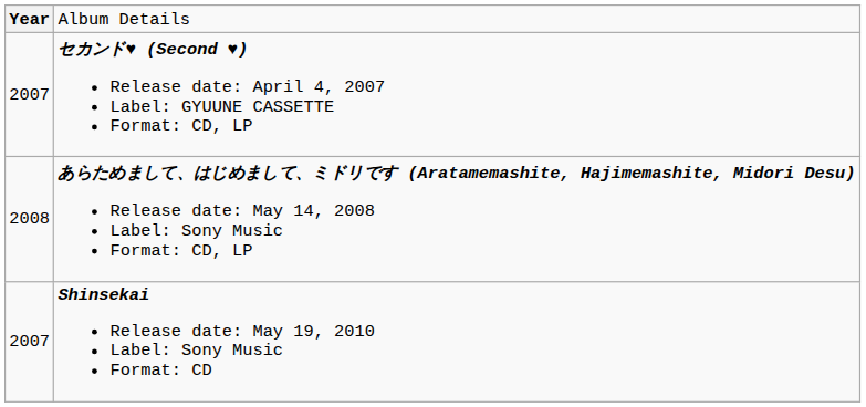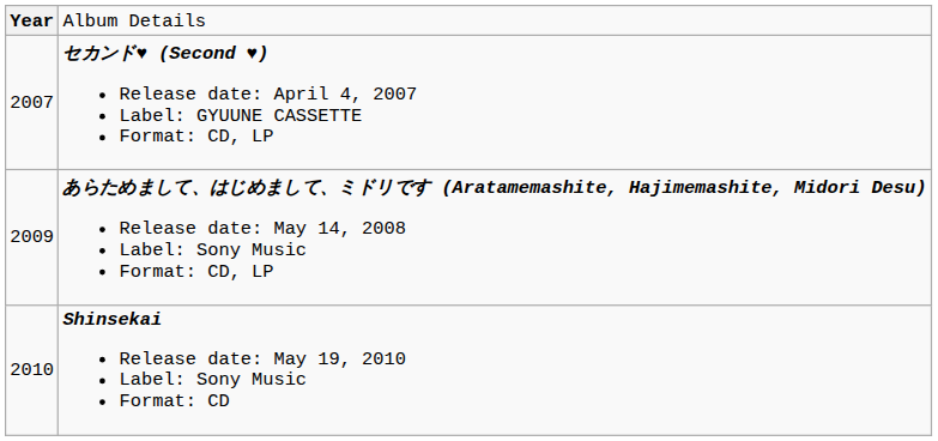 <table class="wikitable">
 <tr>
 <th>Year</th>
 <td>Album Details</td>
 </tr>
 <tr>
 <td>2007</td>
 <td><strong><em>セカンド♥ (Second ♥)</em></strong><br><ul><li>Release date: April 4, 2007</li><li>Label: GYUUNE CASSETTE</li><li>Format: CD, LP</li></ul></td>
 </tr>
 <tr>
-<td>2008</td>
+<td>2009</td>
 <td><strong><em>あらためまして、はじめまして、ミドリです (Aratamemashite, Hajimemashite, Midori Desu)</em></strong><br><ul><li>Release date: May 14, 2008</li><li>Label: Sony Music</li><li>Format: CD, LP</li></ul></td>
 </tr>
 <tr>
-<td>2007</td>
+<td>2010</td>
 <td><strong><em>Shinsekai</em></strong><br><ul><li>Release date: May 19, 2010</li><li>Label: Sony Music</li><li>Format: CD</li></ul></td>
 </tr>
 </table>
